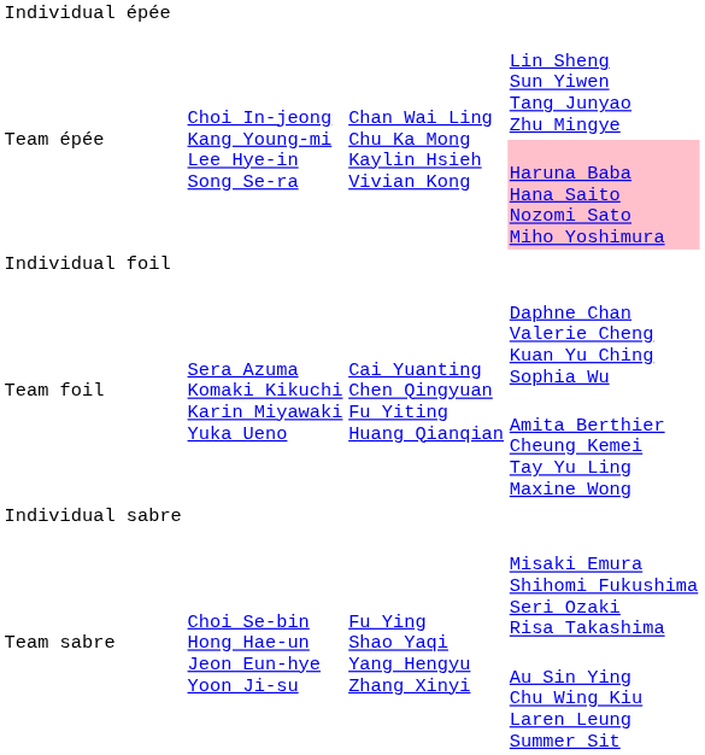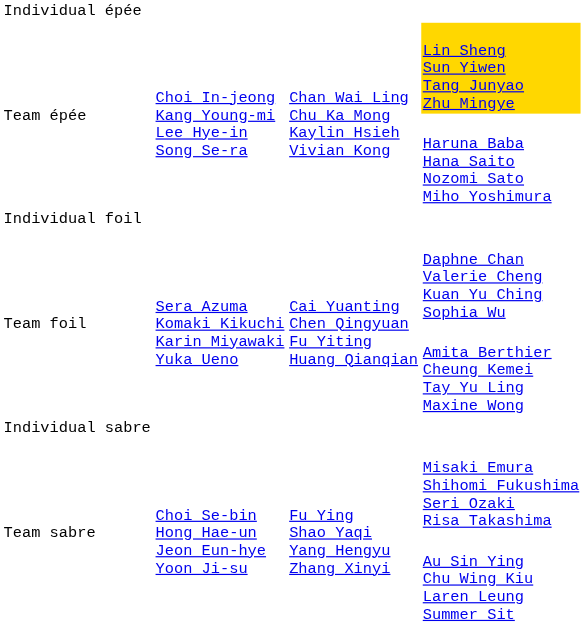 <table>
 <tr>
 <td rowspan=2>Individual épée</td>
 <td rowspan=2></td>
 <td rowspan=2></td>
 <td></td>
 </tr>
 <tr>
 <td></td>
 </tr>
 <tr>
 <td rowspan=2>Team épée</td>
 <td rowspan=2><br><a href='#'>Choi In-jeong</a><br><a href='#'>Kang Young-mi</a><br><a href='#'>Lee Hye-in</a><br><a href='#'>Song Se-ra</a></td>
 <td rowspan=2><br><a href='#'>Chan Wai Ling</a><br><a href='#'>Chu Ka Mong</a><br><a href='#'>Kaylin Hsieh</a><br><a href='#'>Vivian Kong</a></td>
-<td><br><a href='#'>Lin Sheng</a><br><a href='#'>Sun Yiwen</a><br><a href='#'>Tang Junyao</a><br><a href='#'>Zhu Mingye</a></td>
+<td style="background: gold;"><br><a href='#'>Lin Sheng</a><br><a href='#'>Sun Yiwen</a><br><a href='#'>Tang Junyao</a><br><a href='#'>Zhu Mingye</a></td>
 </tr>
 <tr>
-<td style="background: pink;"><br><a href='#'>Haruna Baba</a><br><a href='#'>Hana Saito</a><br><a href='#'>Nozomi Sato</a><br><a href='#'>Miho Yoshimura</a></td>
+<td><br><a href='#'>Haruna Baba</a><br><a href='#'>Hana Saito</a><br><a href='#'>Nozomi Sato</a><br><a href='#'>Miho Yoshimura</a></td>
 </tr>
 <tr>
 <td rowspan=2>Individual foil</td>
 <td rowspan=2></td>
 <td rowspan=2></td>
 <td></td>
 </tr>
 <tr>
 <td></td>
 </tr>
 <tr>
 <td rowspan=2>Team foil</td>
 <td rowspan=2><br><a href='#'>Sera Azuma</a><br><a href='#'>Komaki Kikuchi</a><br><a href='#'>Karin Miyawaki</a><br><a href='#'>Yuka Ueno</a></td>
 <td rowspan=2><br><a href='#'>Cai Yuanting</a><br><a href='#'>Chen Qingyuan</a><br><a href='#'>Fu Yiting</a><br><a href='#'>Huang Qianqian</a></td>
 <td><br><a href='#'>Daphne Chan</a><br><a href='#'>Valerie Cheng</a><br><a href='#'>Kuan Yu Ching</a><br><a href='#'>Sophia Wu</a></td>
 </tr>
 <tr>
 <td><br><a href='#'>Amita Berthier</a><br><a href='#'>Cheung Kemei</a><br><a href='#'>Tay Yu Ling</a><br><a href='#'>Maxine Wong</a></td>
 </tr>
 <tr>
 <td rowspan=2>Individual sabre</td>
 <td rowspan=2></td>
 <td rowspan=2></td>
 <td></td>
 </tr>
 <tr>
 <td></td>
 </tr>
 <tr>
 <td rowspan=2>Team sabre</td>
 <td rowspan=2><br><a href='#'>Choi Se-bin</a><br><a href='#'>Hong Hae-un</a><br><a href='#'>Jeon Eun-hye</a><br><a href='#'>Yoon Ji-su</a></td>
 <td rowspan=2><br><a href='#'>Fu Ying</a><br><a href='#'>Shao Yaqi</a><br><a href='#'>Yang Hengyu</a><br><a href='#'>Zhang Xinyi</a></td>
 <td><br><a href='#'>Misaki Emura</a><br><a href='#'>Shihomi Fukushima</a><br><a href='#'>Seri Ozaki</a><br><a href='#'>Risa Takashima</a></td>
 </tr>
 <tr>
 <td><br><a href='#'>Au Sin Ying</a><br><a href='#'>Chu Wing Kiu</a><br><a href='#'>Laren Leung</a><br><a href='#'>Summer Sit</a></td>
 </tr>
 </table>
